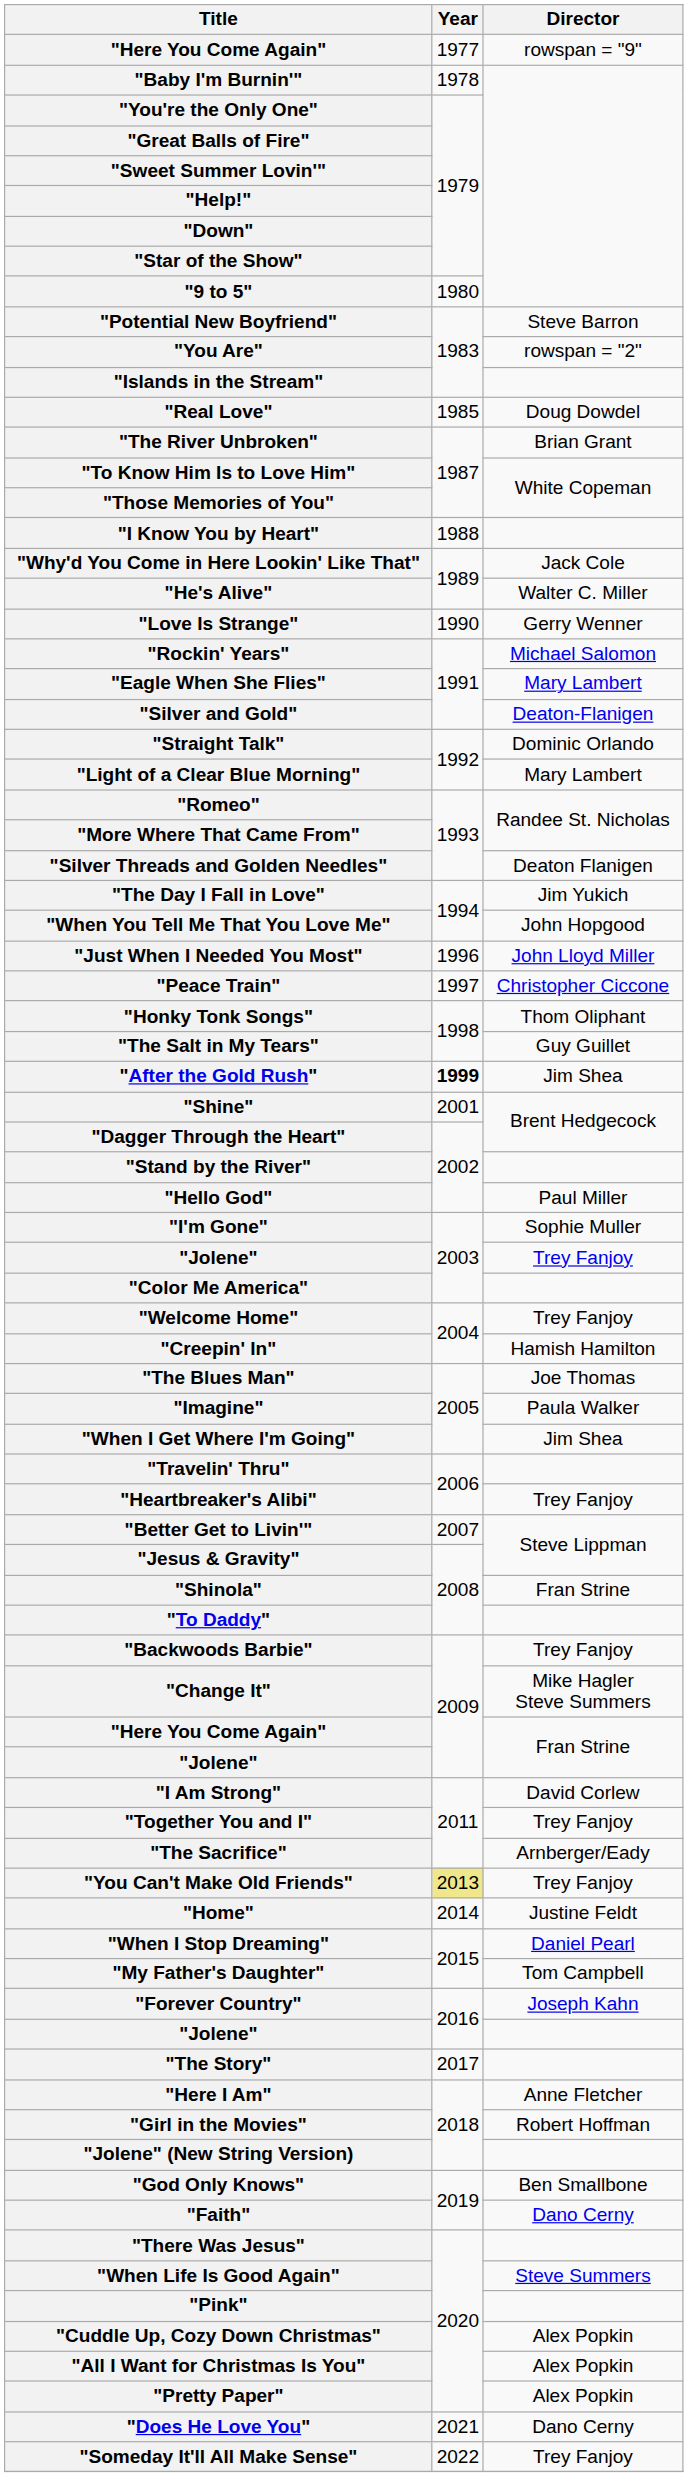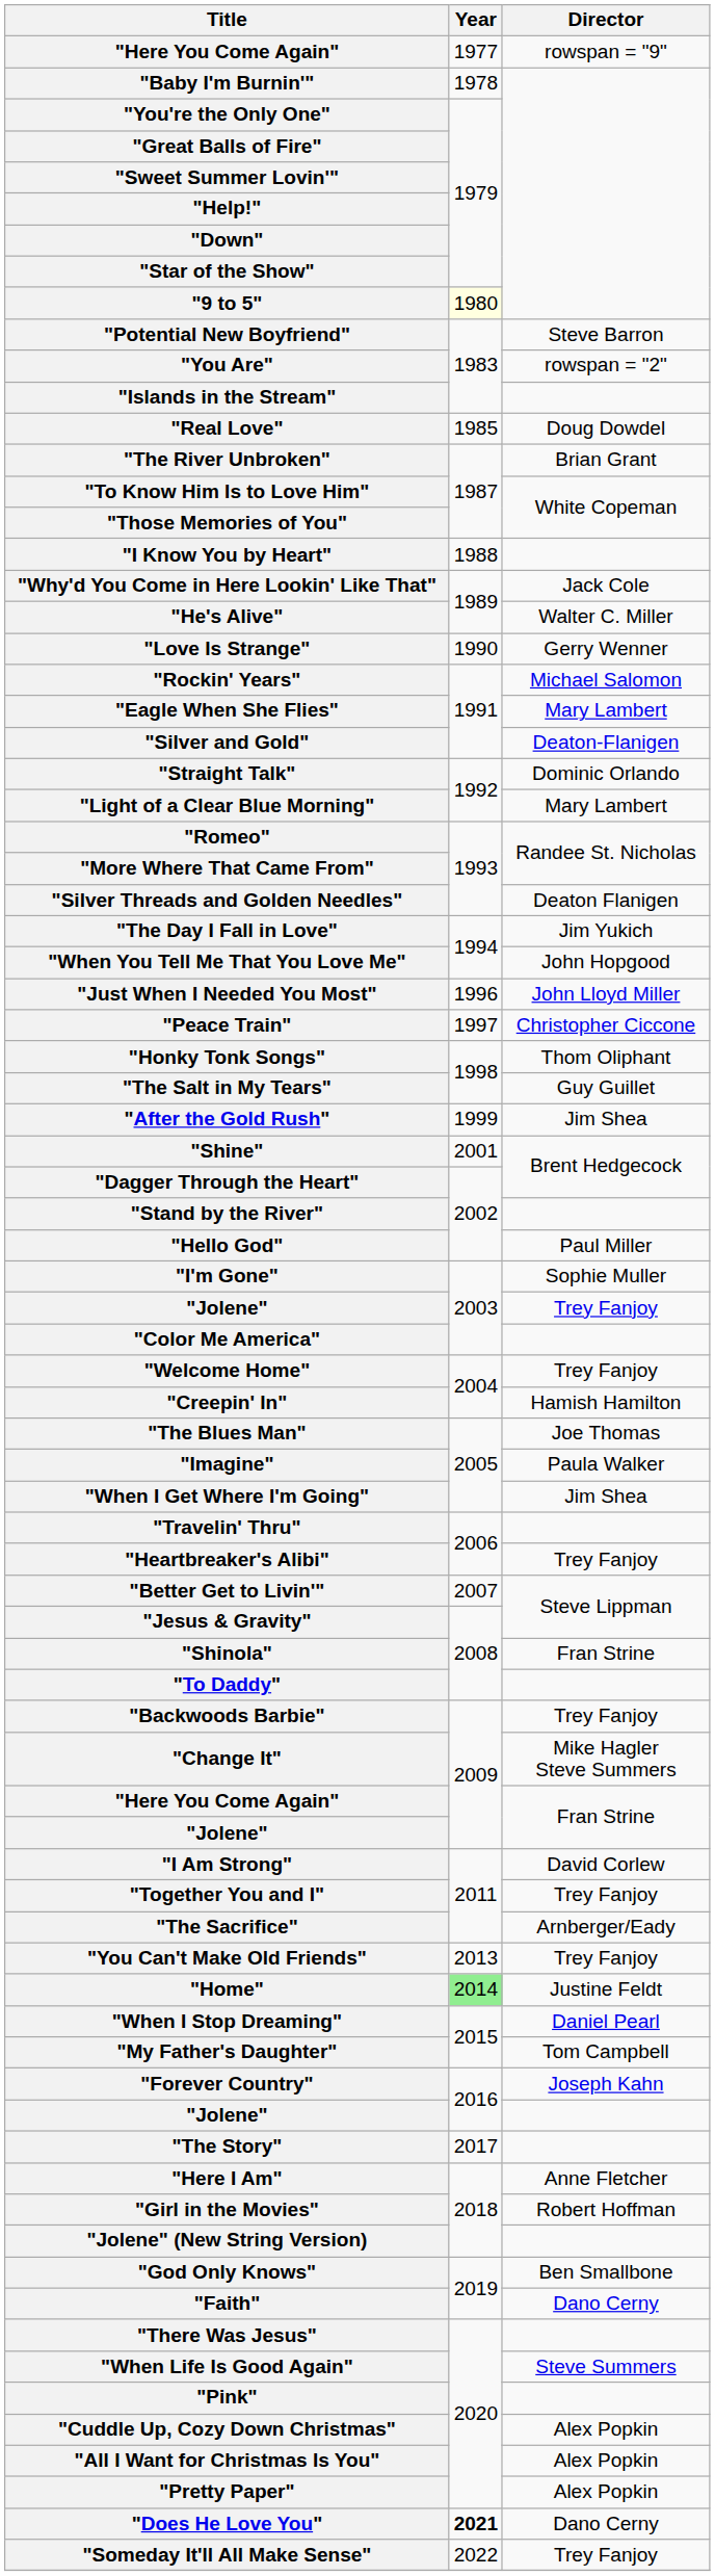 <table class="wikitable plainrowheaders" style="text-align:center;">
 <tr>
 <th style="width:22em;">Title</th>
 <th style="width:2em;">Year</th>
 <th style="width:10em;">Director</th>
 </tr>
 <tr>
 <th scope = "row">"Here You Come Again"</th>
 <td>1977</td>
 <td>rowspan = "9" </td>
 </tr>
 <tr>
 <th scope = "row">"Baby I'm Burnin'"</th>
 <td>1978</td>
 </tr>
 <tr>
 <th scope = "row">"You're the Only One"</th>
 <td rowspan = "6">1979</td>
 </tr>
 <tr>
 <th scope = "row">"Great Balls of Fire"</th>
 </tr>
 <tr>
 <th scope = "row">"Sweet Summer Lovin'"</th>
 </tr>
 <tr>
 <th scope = "row">"Help!"</th>
 </tr>
 <tr>
 <th scope = "row">"Down"</th>
 </tr>
 <tr>
 <th scope = "row">"Star of the Show"</th>
 </tr>
 <tr>
 <th scope = "row">"9 to 5"</th>
-<td>1980</td>
+<td style="background: lightyellow;">1980</td>
 </tr>
 <tr>
 <th scope = "row">"Potential New Boyfriend"</th>
 <td rowspan="3">1983</td>
 <td>Steve Barron</td>
 </tr>
 <tr>
 <th scope = "row">"You Are"</th>
 <td>rowspan = "2" </td>
 </tr>
 <tr>
 <th scope = "row">"Islands in the Stream" </th>
 </tr>
 <tr>
 <th scope = "row">"Real Love" </th>
 <td>1985</td>
 <td>Doug Dowdel</td>
 </tr>
 <tr>
 <th scope = "row">"The River Unbroken"</th>
 <td rowspan="3">1987</td>
 <td>Brian Grant</td>
 </tr>
 <tr>
 <th scope = "row">"To Know Him Is to Love Him"<br></th>
 <td rowspan="2">White Copeman</td>
 </tr>
 <tr>
 <th scope = "row">"Those Memories of You"<br></th>
 </tr>
 <tr>
 <th scope = "row">"I Know You by Heart"<br></th>
 <td>1988</td>
 <td></td>
 </tr>
 <tr>
 <th scope = "row">"Why'd You Come in Here Lookin' Like That"</th>
 <td rowspan="2">1989</td>
 <td>Jack Cole</td>
 </tr>
 <tr>
 <th scope = "row">"He's Alive" </th>
 <td>Walter C. Miller</td>
 </tr>
 <tr>
 <th scope = "row">"Love Is Strange"<br></th>
 <td>1990</td>
 <td>Gerry Wenner</td>
 </tr>
 <tr>
 <th scope = "row">"Rockin' Years"<br></th>
 <td rowspan="3">1991</td>
 <td><a href='#'>Michael Salomon</a></td>
 </tr>
 <tr>
 <th scope = "row">"Eagle When She Flies"</th>
 <td><a href='#'>Mary Lambert</a></td>
 </tr>
 <tr>
 <th scope = "row">"Silver and Gold"</th>
 <td><a href='#'>Deaton-Flanigen</a></td>
 </tr>
 <tr>
 <th scope = "row">"Straight Talk"</th>
 <td rowspan="2">1992</td>
 <td>Dominic Orlando</td>
 </tr>
 <tr>
 <th scope = "row">"Light of a Clear Blue Morning"</th>
 <td>Mary Lambert</td>
 </tr>
 <tr>
 <th scope = "row">"Romeo"<br></th>
 <td rowspan="3">1993</td>
 <td rowspan="2">Randee St. Nicholas</td>
 </tr>
 <tr>
 <th scope = "row">"More Where That Came From"</th>
 </tr>
 <tr>
 <th scope = "row">"Silver Threads and Golden Needles"<br></th>
 <td>Deaton Flanigen</td>
 </tr>
 <tr>
 <th scope = "row">"The Day I Fall in Love"<br></th>
 <td rowspan="2">1994</td>
 <td>Jim Yukich</td>
 </tr>
 <tr>
 <th scope = "row">"When You Tell Me That You Love Me"<br></th>
 <td>John Hopgood</td>
 </tr>
 <tr>
 <th scope = "row">"Just When I Needed You Most"</th>
 <td>1996</td>
 <td><a href='#'>John Lloyd Miller</a></td>
 </tr>
 <tr>
 <th scope = "row">"Peace Train" </th>
 <td>1997</td>
 <td><a href='#'>Christopher Ciccone</a></td>
 </tr>
 <tr>
 <th scope = "row">"Honky Tonk Songs"</th>
 <td rowspan="2">1998</td>
 <td>Thom Oliphant</td>
 </tr>
 <tr>
 <th scope = "row">"The Salt in My Tears"</th>
 <td>Guy Guillet</td>
 </tr>
 <tr>
 <th scope = "row">"<a href='#'>After the Gold Rush</a>"<br></th>
-<td><strong>1999</strong></td>
+<td>1999</td>
 <td>Jim Shea</td>
 </tr>
 <tr>
 <th scope = "row">"Shine"</th>
 <td>2001</td>
 <td rowspan="2">Brent Hedgecock</td>
 </tr>
 <tr>
 <th scope = "row">"Dagger Through the Heart"</th>
 <td rowspan="3">2002</td>
 </tr>
 <tr>
 <th scope = "row">"Stand by the River"<br></th>
 <td></td>
 </tr>
 <tr>
 <th scope = "row">"Hello God" </th>
 <td>Paul Miller</td>
 </tr>
 <tr>
 <th scope = "row">"I'm Gone"</th>
 <td rowspan="3">2003</td>
 <td>Sophie Muller</td>
 </tr>
 <tr>
 <th scope = "row">"Jolene"<br></th>
 <td><a href='#'>Trey Fanjoy</a></td>
 </tr>
 <tr>
 <th scope = "row">"Color Me America"</th>
 <td></td>
 </tr>
 <tr>
 <th scope = "row">"Welcome Home"</th>
 <td rowspan="2">2004</td>
 <td>Trey Fanjoy</td>
 </tr>
 <tr>
 <th scope = "row">"Creepin' In"<br></th>
 <td>Hamish Hamilton</td>
 </tr>
 <tr>
 <th scope = "row">"The Blues Man"<br></th>
 <td rowspan="3">2005</td>
 <td>Joe Thomas</td>
 </tr>
 <tr>
 <th scope = "row">"Imagine"<br></th>
 <td>Paula Walker</td>
 </tr>
 <tr>
 <th scope = "row">"When I Get Where I'm Going"<br></th>
 <td>Jim Shea</td>
 </tr>
 <tr>
 <th scope = "row">"Travelin' Thru"</th>
 <td rowspan=2>2006</td>
 <td></td>
 </tr>
 <tr>
 <th scope = "row">"Heartbreaker's Alibi"<br></th>
 <td>Trey Fanjoy</td>
 </tr>
 <tr>
 <th scope = "row">"Better Get to Livin'"</th>
 <td>2007</td>
 <td rowspan="2">Steve Lippman</td>
 </tr>
 <tr>
 <th scope = "row">"Jesus & Gravity"</th>
 <td rowspan="3">2008</td>
 </tr>
 <tr>
 <th scope = "row">"Shinola" </th>
 <td>Fran Strine</td>
 </tr>
 <tr>
 <th scope = "row">"<a href='#'>To Daddy</a>"<br></th>
 <td></td>
 </tr>
 <tr>
 <th scope = "row">"Backwoods Barbie"</th>
 <td rowspan="4">2009</td>
 <td>Trey Fanjoy</td>
 </tr>
 <tr>
 <th scope = "row">"Change It"<br></th>
 <td>Mike Hagler<br>Steve Summers</td>
 </tr>
 <tr>
 <th scope = "row">"Here You Come Again" </th>
 <td rowspan = "2">Fran Strine</td>
 </tr>
 <tr>
 <th scope = "row">"Jolene" </th>
 </tr>
 <tr>
 <th scope = "row">"I Am Strong"<br></th>
 <td rowspan="3">2011</td>
 <td>David Corlew</td>
 </tr>
 <tr>
 <th scope = "row">"Together You and I"</th>
 <td>Trey Fanjoy</td>
 </tr>
 <tr>
 <th scope = "row">"The Sacrifice"</th>
 <td>Arnberger/Eady</td>
 </tr>
 <tr>
 <th scope = "row">"You Can't Make Old Friends"<br></th>
-<td style="background: khaki;">2013</td>
+<td>2013</td>
 <td>Trey Fanjoy</td>
 </tr>
 <tr>
 <th scope = "row">"Home"</th>
-<td>2014</td>
+<td style="background: lightgreen;">2014</td>
 <td>Justine Feldt</td>
 </tr>
 <tr>
 <th scope = "row">"When I Stop Dreaming"<br></th>
 <td rowspan="2">2015</td>
 <td><a href='#'>Daniel Pearl</a></td>
 </tr>
 <tr>
 <th scope = "row">"My Father's Daughter"<br></th>
 <td>Tom Campbell</td>
 </tr>
 <tr>
 <th scope = "row">"Forever Country"<br></th>
 <td rowspan = "2">2016</td>
 <td><a href='#'>Joseph Kahn</a></td>
 </tr>
 <tr>
 <th scope = "row">"Jolene"<br></th>
 <td></td>
 </tr>
 <tr>
 <th scope = "row">"The Story"</th>
 <td>2017</td>
 <td></td>
 </tr>
 <tr>
 <th scope = "row">"Here I Am"<br></th>
 <td rowspan = "3">2018</td>
 <td>Anne Fletcher</td>
 </tr>
 <tr>
 <th scope = "row">"Girl in the Movies"</th>
 <td>Robert Hoffman</td>
 </tr>
 <tr>
 <th scope = "row">"Jolene" (New String Version)</th>
 <td></td>
 </tr>
 <tr>
 <th scope = "row">"God Only Knows"<br></th>
 <td rowspan = "2">2019</td>
 <td>Ben Smallbone</td>
 </tr>
 <tr>
 <th scope = "row">"Faith"<br></th>
 <td><a href='#'>Dano Cerny</a></td>
 </tr>
 <tr>
 <th scope = "row">"There Was Jesus"<br></th>
 <td rowspan = "6">2020</td>
 <td></td>
 </tr>
 <tr>
 <th scope = "row">"When Life Is Good Again"</th>
 <td><a href='#'>Steve Summers</a></td>
 </tr>
 <tr>
 <th scope = "row">"Pink"<br></th>
 <td></td>
 </tr>
 <tr>
 <th scope = "row">"Cuddle Up, Cozy Down Christmas"<br></th>
 <td>Alex Popkin</td>
 </tr>
 <tr>
 <th scope = "row">"All I Want for Christmas Is You"<br></th>
 <td>Alex Popkin</td>
 </tr>
 <tr>
 <th scope = "row">"Pretty Paper"<br></th>
 <td>Alex Popkin</td>
 </tr>
 <tr>
 <th scope = "row">"<a href='#'>Does He Love You</a>"<br></th>
-<td>2021</td>
+<td><strong>2021</strong></td>
 <td>Dano Cerny</td>
 </tr>
 <tr>
 <th scope = "row">"Someday It'll All Make Sense"<br></th>
 <td>2022</td>
 <td>Trey Fanjoy</td>
 </tr>
 <tr>
 </tr>
 </table>
